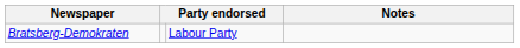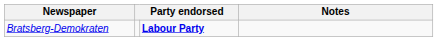 <table class="wikitable">
 <tr>
 <th width=200px>Newspaper</th>
 <th colspan=2>Party endorsed</th>
 <th width=300px>Notes</th>
 </tr>
 <tr>
 <td><em><a href='#'>Bratsberg-Demokraten</a></em></td>
 <td style="background-color: "></td>
-<td width=150px><a href='#'>Labour Party</a></td>
+<td width=150px><strong><a href='#'>Labour Party</a></strong></td>
 <td></td>
 </tr>
 </table>
